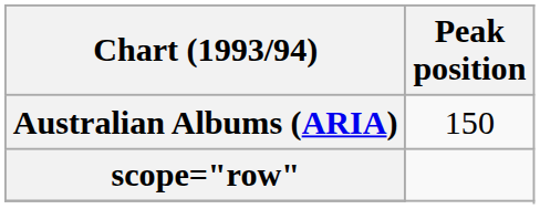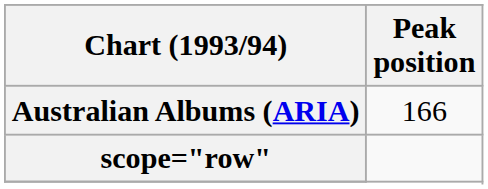 <table class="wikitable sortable plainrowheaders">
 <tr>
 <th scope="col">Chart (1993/94)</th>
 <th scope="col">Peak<br>position</th>
 </tr>
 <tr>
 <th scope="row">Australian Albums (<a href='#'>ARIA</a>)</th>
-<td align="center">150</td>
+<td align="center">166</td>
 </tr>
 <tr>
 <th>scope="row" </th>
 </tr>
 <tr>
 </tr>
 </table>
